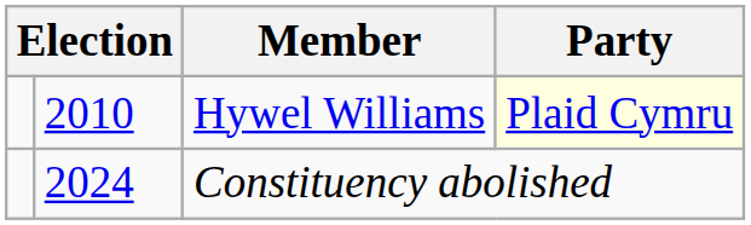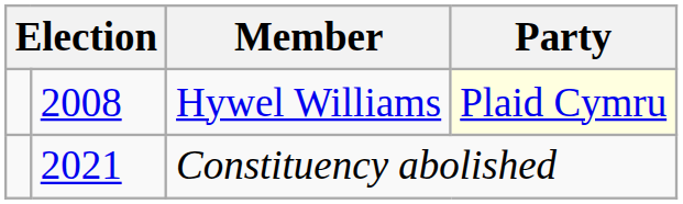 <table class="wikitable">
 <tr>
 <th colspan="2">Election</th>
 <th>Member</th>
 <th>Party</th>
 </tr>
 <tr>
 <td style="color:inherit;background-color: "></td>
-<td><a href='#'>2010</a></td>
+<td><a href='#'>2008</a></td>
 <td><a href='#'>Hywel Williams</a></td>
 <td style="background: lightyellow;"><a href='#'>Plaid Cymru</a></td>
 </tr>
 <tr>
 <td></td>
-<td><a href='#'>2024</a></td>
+<td><a href='#'>2021</a></td>
 <td colspan="2"><em>Constituency abolished</em></td>
 </tr>
 </table>
